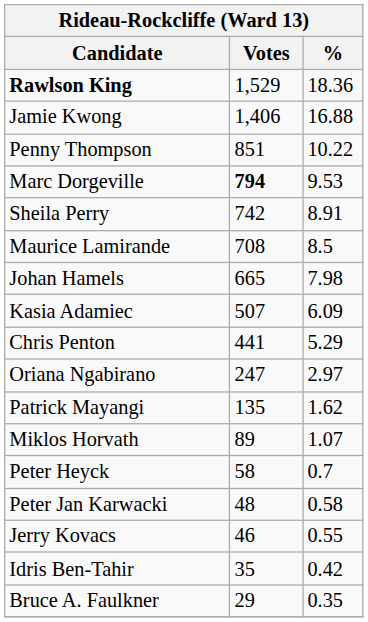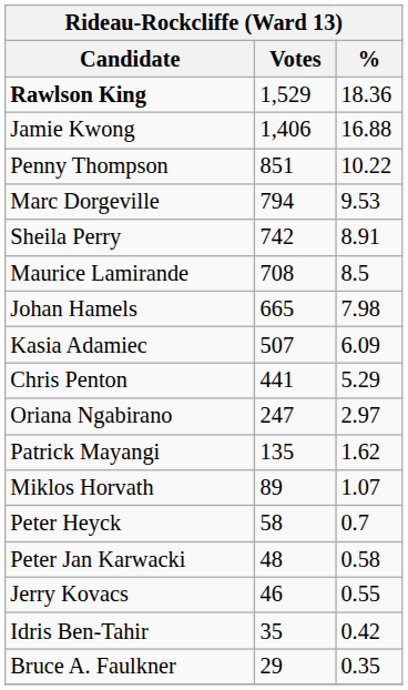 <table class="wikitable">
 <tr>
 <th colspan="3">Rideau-Rockcliffe (Ward 13)</th>
 </tr>
 <tr>
 <th style="width: 170px">Candidate</th>
 <th style="width: 50px">Votes</th>
 <th style="width: 40px">%</th>
 </tr>
 <tr>
 <td><strong>Rawlson King</strong></td>
 <td>1,529</td>
 <td>18.36</td>
 </tr>
 <tr>
 <td>Jamie Kwong</td>
 <td>1,406</td>
 <td>16.88</td>
 </tr>
 <tr>
 <td>Penny Thompson</td>
 <td>851</td>
 <td>10.22</td>
 </tr>
 <tr>
 <td>Marc Dorgeville</td>
-<td><strong>794</strong></td>
+<td>794</td>
 <td>9.53</td>
 </tr>
 <tr>
 <td>Sheila Perry</td>
 <td>742</td>
 <td>8.91</td>
 </tr>
 <tr>
 <td>Maurice Lamirande</td>
 <td>708</td>
 <td>8.5</td>
 </tr>
 <tr>
 <td>Johan Hamels</td>
 <td>665</td>
 <td>7.98</td>
 </tr>
 <tr>
 <td>Kasia Adamiec</td>
 <td>507</td>
 <td>6.09</td>
 </tr>
 <tr>
 <td>Chris Penton</td>
 <td>441</td>
 <td>5.29</td>
 </tr>
 <tr>
 <td>Oriana Ngabirano</td>
 <td>247</td>
 <td>2.97</td>
 </tr>
 <tr>
 <td>Patrick Mayangi</td>
 <td>135</td>
 <td>1.62</td>
 </tr>
 <tr>
 <td>Miklos Horvath</td>
 <td>89</td>
 <td>1.07</td>
 </tr>
 <tr>
 <td>Peter Heyck</td>
 <td>58</td>
 <td>0.7</td>
 </tr>
 <tr>
 <td>Peter Jan Karwacki</td>
 <td>48</td>
 <td>0.58</td>
 </tr>
 <tr>
 <td>Jerry Kovacs</td>
 <td>46</td>
 <td>0.55</td>
 </tr>
 <tr>
 <td>Idris Ben-Tahir</td>
 <td>35</td>
 <td>0.42</td>
 </tr>
 <tr>
 <td>Bruce A. Faulkner</td>
 <td>29</td>
 <td>0.35</td>
 </tr>
 <tr>
 </tr>
 </table>
